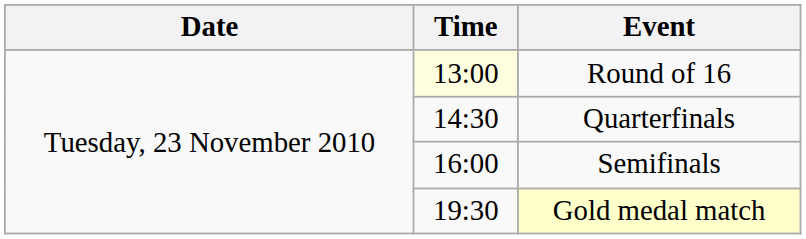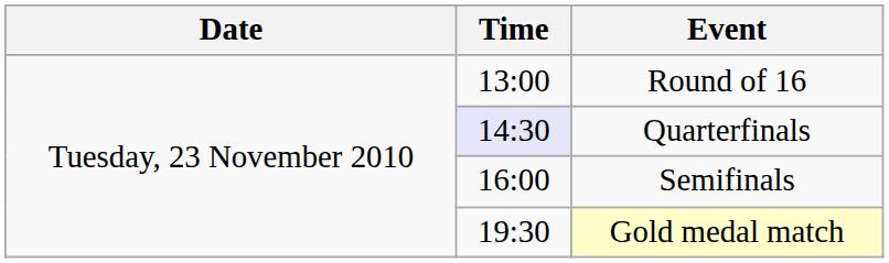 <table class = "wikitable" style="text-align:center;">
 <tr>
 <th width=220>Date</th>
 <th width=50>Time</th>
 <th width=150>Event</th>
 </tr>
 <tr>
 <td rowspan=4>Tuesday, 23 November 2010</td>
-<td style="background: lightyellow;">13:00</td>
+<td>13:00</td>
 <td>Round of 16</td>
 </tr>
 <tr>
-<td>14:30</td>
+<td style="background: lavender;">14:30</td>
 <td>Quarterfinals</td>
 </tr>
 <tr>
 <td>16:00</td>
 <td>Semifinals</td>
 </tr>
 <tr>
 <td>19:30</td>
 <td bgcolor=ffffcc>Gold medal match</td>
 </tr>
 </table>
